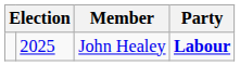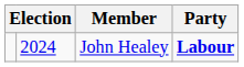 <table class="wikitable">
 <tr>
 <th colspan="2">Election</th>
 <th>Member</th>
 <th>Party</th>
 </tr>
 <tr>
 <td style="color:inherit;background-color: "></td>
-<td><a href='#'>2025</a></td>
+<td><a href='#'>2024</a></td>
 <td><a href='#'>John Healey</a></td>
 <td><strong><a href='#'>Labour</a></strong></td>
 </tr>
 </table>
